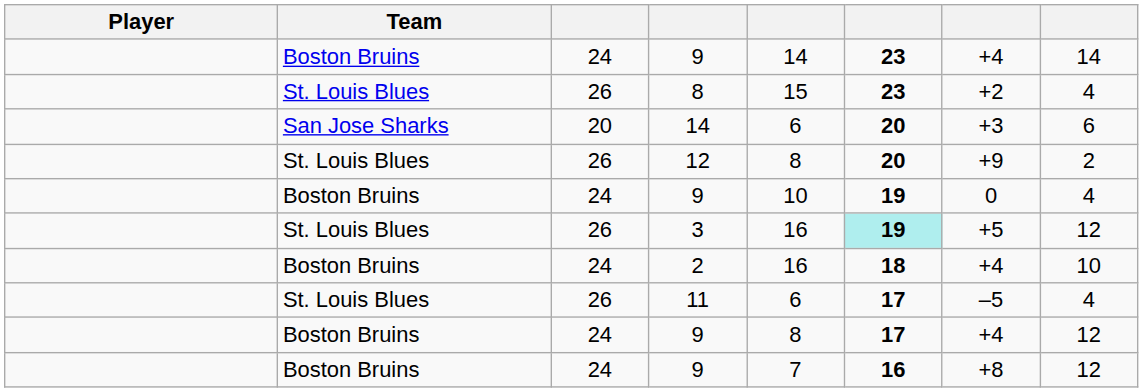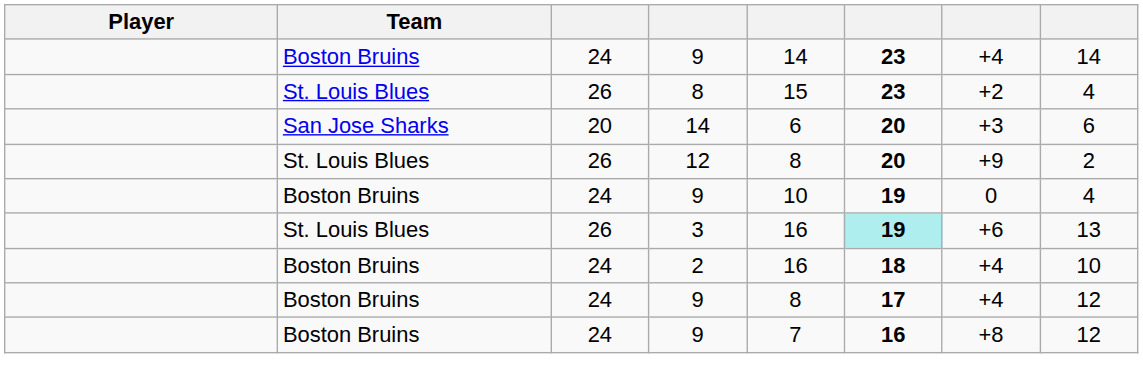 <table style="padding:3px; border-spacing:0; text-align:center;" class="wikitable sortable">
 <tr>
 <th style="width:12em">Player</th>
 <th style="width:12em">Team</th>
 <th style="width:4em"></th>
 <th style="width:4em"></th>
 <th style="width:4em"></th>
 <th style="width:4em"></th>
 <th data-sort-type="number" style="width:4em"></th>
 <th style="width:4em"></th>
 </tr>
 <tr>
 <td align=left></td>
 <td align=left><a href='#'>Boston Bruins</a></td>
 <td>24</td>
 <td>9</td>
 <td>14</td>
 <td><strong>23</strong></td>
 <td>+4</td>
 <td>14</td>
 </tr>
 <tr>
 <td align=left></td>
 <td align=left><a href='#'>St. Louis Blues</a></td>
 <td>26</td>
 <td>8</td>
 <td>15</td>
 <td><strong>23</strong></td>
 <td>+2</td>
 <td>4</td>
 </tr>
 <tr>
 <td align=left></td>
 <td align=left><a href='#'>San Jose Sharks</a></td>
 <td>20</td>
 <td>14</td>
 <td>6</td>
 <td><strong>20</strong></td>
 <td>+3</td>
 <td>6</td>
 </tr>
 <tr>
 <td align=left></td>
 <td align=left>St. Louis Blues</td>
 <td>26</td>
 <td>12</td>
 <td>8</td>
 <td><strong>20</strong></td>
 <td>+9</td>
 <td>2</td>
 </tr>
 <tr>
 <td align=left></td>
 <td align=left>Boston Bruins</td>
 <td>24</td>
 <td>9</td>
 <td>10</td>
 <td><strong>19</strong></td>
 <td>0</td>
 <td>4</td>
 </tr>
 <tr>
 <td align=left></td>
 <td align=left>St. Louis Blues</td>
 <td>26</td>
 <td>3</td>
 <td>16</td>
 <td style="background: paleturquoise;"><strong>19</strong></td>
-<td>+5</td>
-<td>12</td>
+<td>+6</td>
+<td>13</td>
 </tr>
 <tr>
 <td align=left></td>
 <td align=left>Boston Bruins</td>
 <td>24</td>
 <td>2</td>
 <td>16</td>
 <td><strong>18</strong></td>
 <td>+4</td>
 <td>10</td>
-</tr>
-<tr>
-<td align=left></td>
-<td align=left>St. Louis Blues</td>
-<td>26</td>
-<td>11</td>
-<td>6</td>
-<td><strong>17</strong></td>
-<td>–5</td>
-<td>4</td>
 </tr>
 <tr>
 <td align=left></td>
 <td align=left>Boston Bruins</td>
 <td>24</td>
 <td>9</td>
 <td>8</td>
 <td><strong>17</strong></td>
 <td>+4</td>
 <td>12</td>
 </tr>
 <tr>
 <td align=left></td>
 <td align=left>Boston Bruins</td>
 <td>24</td>
 <td>9</td>
 <td>7</td>
 <td><strong>16</strong></td>
 <td>+8</td>
 <td>12</td>
 </tr>
 </table>
